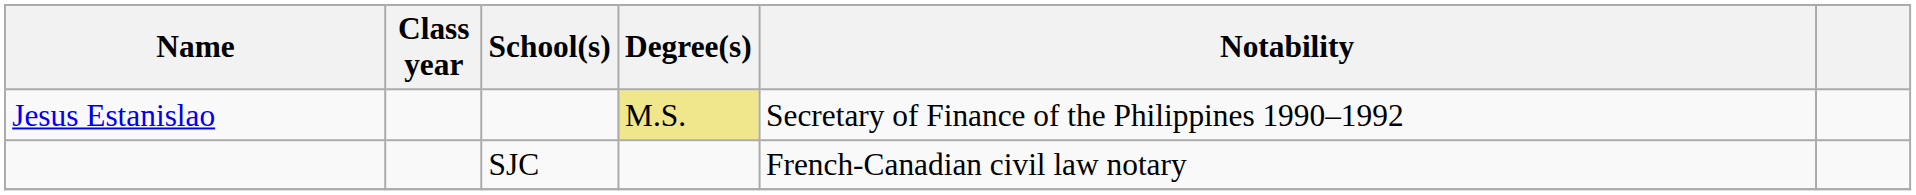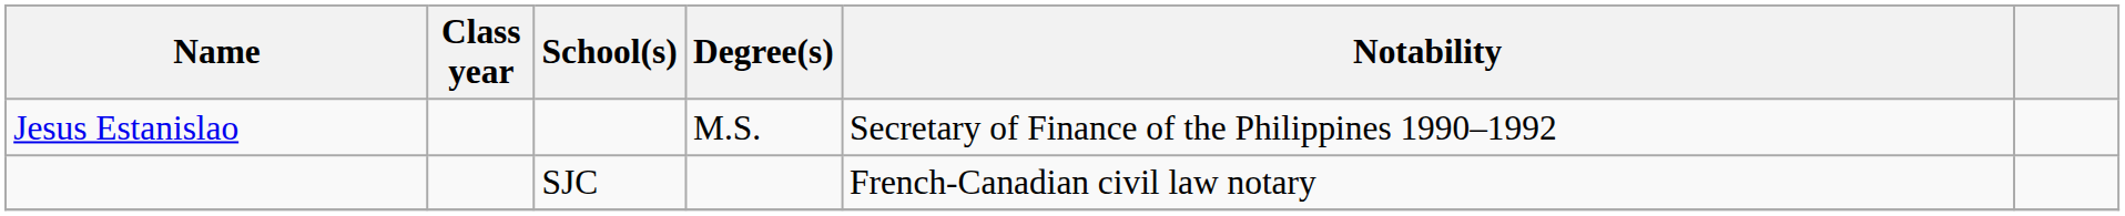 <table class="wikitable sortable" style="width:77%">
 <tr>
 <th style="width:20%;">Name</th>
 <th style="width:5%;">Class year</th>
 <th style="width:5%;">School(s)</th>
 <th style="width:5%;">Degree(s)</th>
 <th style="width:*;" class="unsortable">Notability</th>
 <th style="width:5%;" class="unsortable"></th>
 </tr>
 <tr>
 <td><a href='#'>Jesus Estanislao</a></td>
 <td></td>
 <td></td>
-<td style="background: khaki;">M.S.</td>
+<td>M.S.</td>
 <td>Secretary of Finance of the Philippines 1990–1992</td>
 <td></td>
 </tr>
 <tr>
 <td></td>
 <td></td>
 <td>SJC</td>
 <td></td>
 <td>French-Canadian civil law notary</td>
 <td style=text-align:center></td>
 </tr>
 <tr>
 </tr>
 </table>
